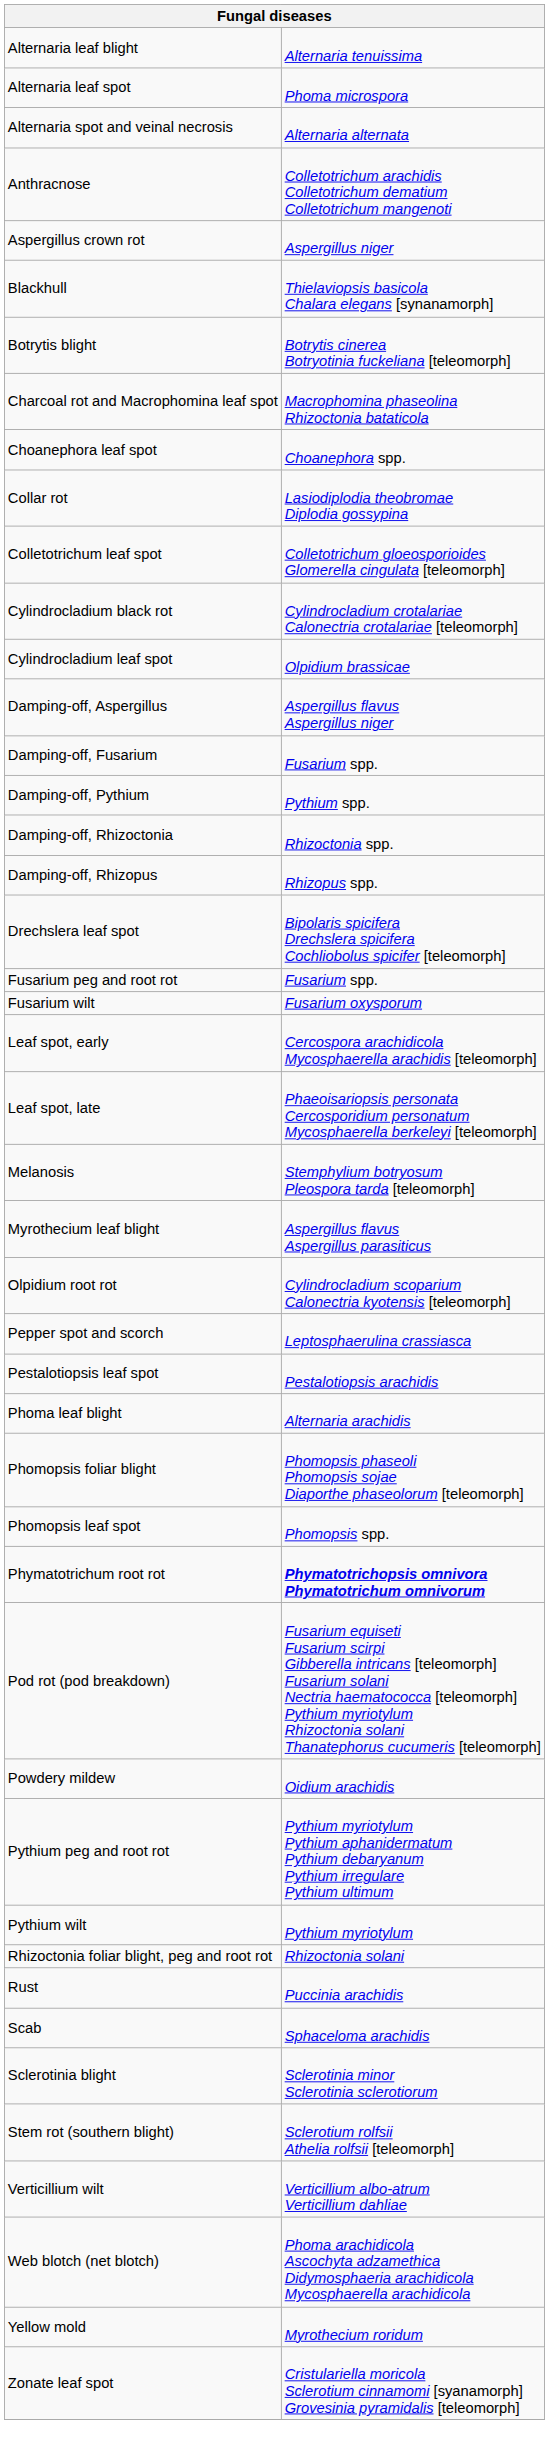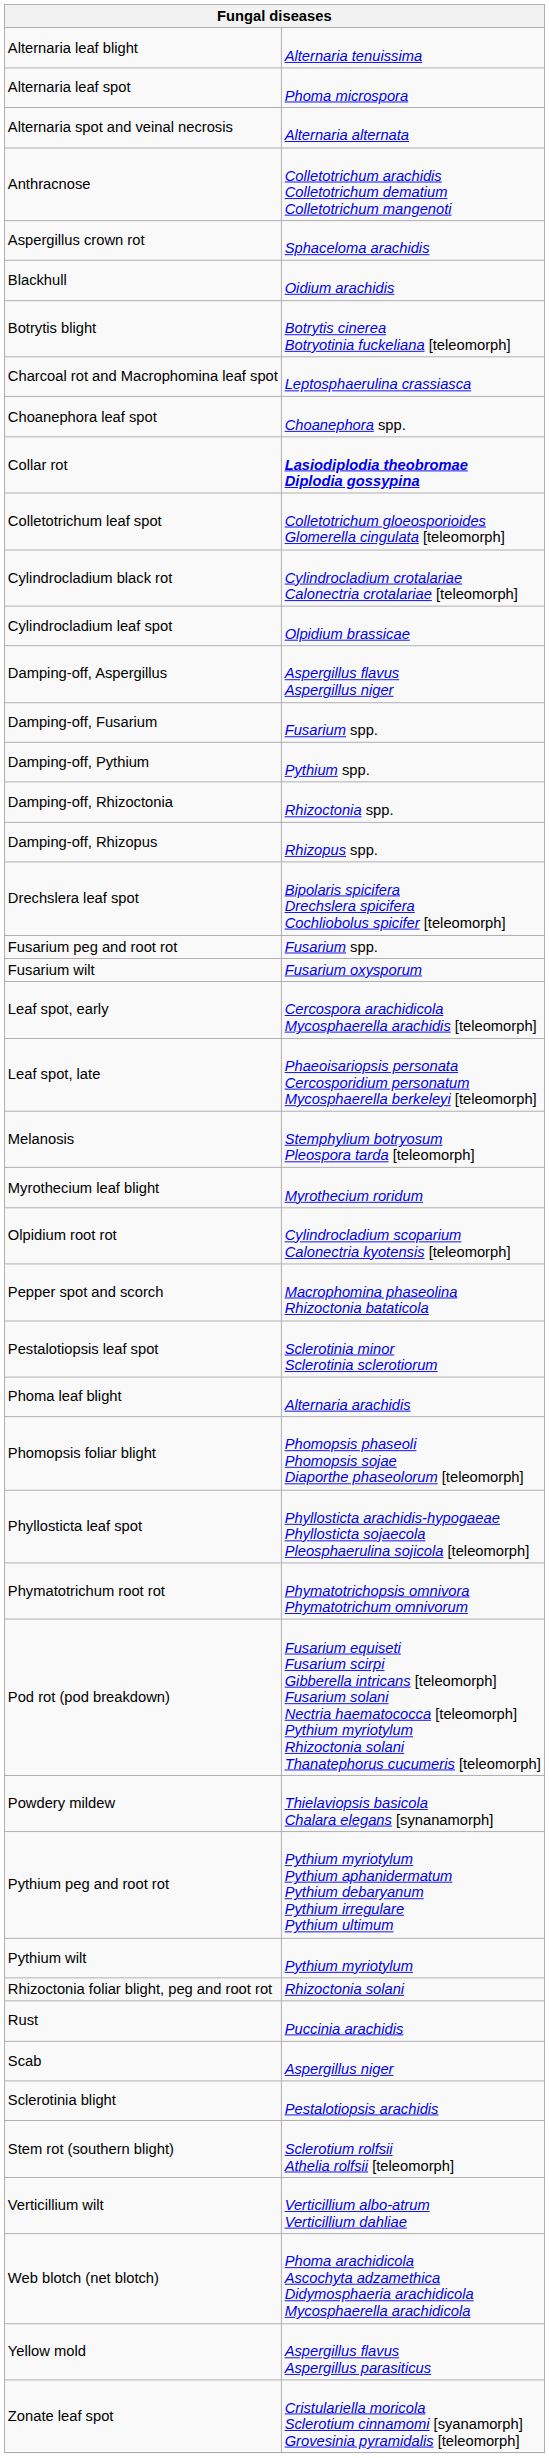 <table class="wikitable" style="clear">
 <tr>
 <th colspan=2><strong>Fungal diseases</strong><br></th>
 </tr>
 <tr>
 <td>Alternaria leaf blight</td>
 <td><br><em><a href='#'>Alternaria tenuissima</a></em></td>
 </tr>
 <tr>
 <td>Alternaria leaf spot</td>
 <td><br><em><a href='#'>Phoma microspora</a></em></td>
 </tr>
 <tr>
 <td>Alternaria spot and veinal necrosis</td>
 <td><br><em><a href='#'>Alternaria alternata</a></em></td>
 </tr>
 <tr>
 <td>Anthracnose</td>
 <td><br><em><a href='#'>Colletotrichum arachidis</a></em><br> <em><a href='#'>Colletotrichum dematium</a></em><br> <em><a href='#'>Colletotrichum mangenoti</a></em></td>
 </tr>
 <tr>
 <td>Aspergillus crown rot</td>
-<td><br><em><a href='#'>Aspergillus niger</a></em></td>
+<td><br><em><a href='#'>Sphaceloma arachidis</a></em></td>
 </tr>
 <tr>
 <td>Blackhull</td>
-<td><br><em><a href='#'>Thielaviopsis basicola</a></em><br> <em><a href='#'>Chalara elegans</a></em> [synanamorph]</td>
+<td><br><em><a href='#'>Oidium arachidis</a></em></td>
 </tr>
 <tr>
 <td>Botrytis blight</td>
 <td><br><em><a href='#'>Botrytis cinerea</a></em><br> <em><a href='#'>Botryotinia fuckeliana</a></em> [teleomorph]</td>
 </tr>
 <tr>
 <td>Charcoal rot and Macrophomina leaf spot</td>
-<td><br><em><a href='#'>Macrophomina phaseolina</a></em> <br>  <em><a href='#'>Rhizoctonia bataticola</a></em></td>
+<td><br><em><a href='#'>Leptosphaerulina crassiasca</a></em></td>
 </tr>
 <tr>
 <td>Choanephora leaf spot</td>
 <td><br><em><a href='#'>Choanephora</a></em> spp.</td>
 </tr>
 <tr>
 <td>Collar rot</td>
-<td><br><em><a href='#'>Lasiodiplodia theobromae</a></em> <br>  <em><a href='#'>Diplodia gossypina</a></em></td>
+<td><strong><br><em><a href='#'>Lasiodiplodia theobromae</a></em> <br>  <em><a href='#'>Diplodia gossypina</a></em></strong></td>
 </tr>
 <tr>
 <td>Colletotrichum leaf spot</td>
 <td><br><em><a href='#'>Colletotrichum gloeosporioides</a></em><br> <em><a href='#'>Glomerella cingulata</a></em> [teleomorph]</td>
 </tr>
 <tr>
 <td>Cylindrocladium black rot</td>
 <td><br><em><a href='#'>Cylindrocladium crotalariae</a></em><br> <em><a href='#'>Calonectria crotalariae</a></em> [teleomorph]</td>
 </tr>
 <tr>
 <td>Cylindrocladium leaf spot</td>
 <td><br><em><a href='#'>Olpidium brassicae</a></em></td>
 </tr>
 <tr>
 <td>Damping-off, Aspergillus</td>
 <td><br><em><a href='#'>Aspergillus flavus</a></em> <br> <em><a href='#'>Aspergillus niger</a></em></td>
 </tr>
 <tr>
 <td>Damping-off, Fusarium</td>
 <td><br><em><a href='#'>Fusarium</a></em> spp.</td>
 </tr>
 <tr>
 <td>Damping-off, Pythium</td>
 <td><br><em><a href='#'>Pythium</a></em> spp.</td>
 </tr>
 <tr>
 <td>Damping-off, Rhizoctonia</td>
 <td><br><em><a href='#'>Rhizoctonia</a></em> spp.</td>
 </tr>
 <tr>
 <td>Damping-off, Rhizopus</td>
 <td><br><em><a href='#'>Rhizopus</a></em> spp.</td>
 </tr>
 <tr>
 <td>Drechslera leaf spot</td>
 <td><br><em><a href='#'>Bipolaris spicifera</a></em> <br>  <em><a href='#'>Drechslera spicifera</a></em><br> <em><a href='#'>Cochliobolus spicifer</a></em> [teleomorph]</td>
 </tr>
 <tr>
 <td>Fusarium peg and root rot</td>
 <td><em><a href='#'>Fusarium</a></em> spp.</td>
 </tr>
 <tr>
 <td>Fusarium wilt</td>
 <td><em><a href='#'>Fusarium oxysporum</a></em></td>
 </tr>
 <tr>
 <td>Leaf spot, early</td>
 <td><br><em><a href='#'>Cercospora arachidicola</a></em><br> <em><a href='#'>Mycosphaerella arachidis</a></em> [teleomorph]</td>
 </tr>
 <tr>
 <td>Leaf spot, late</td>
 <td><br><em><a href='#'>Phaeoisariopsis personata</a></em> <br>  <em><a href='#'>Cercosporidium personatum</a></em><br> <em><a href='#'>Mycosphaerella berkeleyi</a></em> [teleomorph]</td>
 </tr>
 <tr>
 <td>Melanosis</td>
 <td><br><em><a href='#'>Stemphylium botryosum</a></em><br> <em><a href='#'>Pleospora tarda</a></em> [teleomorph]</td>
 </tr>
 <tr>
 <td>Myrothecium leaf blight</td>
-<td><br><em><a href='#'>Aspergillus flavus</a></em><br> <em><a href='#'>Aspergillus parasiticus</a></em></td>
+<td><br><em><a href='#'>Myrothecium roridum</a></em></td>
 </tr>
 <tr>
 <td>Olpidium root rot</td>
 <td><br><em><a href='#'>Cylindrocladium scoparium</a></em> <br> <em><a href='#'>Calonectria kyotensis</a></em> [teleomorph]</td>
 </tr>
 <tr>
 <td>Pepper spot and scorch</td>
-<td><br><em><a href='#'>Leptosphaerulina crassiasca</a></em></td>
+<td><br><em><a href='#'>Macrophomina phaseolina</a></em> <br>  <em><a href='#'>Rhizoctonia bataticola</a></em></td>
 </tr>
 <tr>
 <td>Pestalotiopsis leaf spot</td>
-<td><br><em><a href='#'>Pestalotiopsis arachidis</a></em></td>
+<td><br><em><a href='#'>Sclerotinia minor</a></em><br> <em><a href='#'>Sclerotinia sclerotiorum</a></em></td>
 </tr>
 <tr>
 <td>Phoma leaf blight</td>
 <td><br><em><a href='#'>Alternaria arachidis</a></em></td>
 </tr>
 <tr>
 <td>Phomopsis foliar blight</td>
 <td><br><em><a href='#'>Phomopsis phaseoli</a></em> <br>  <em><a href='#'>Phomopsis sojae</a></em><br> <em><a href='#'>Diaporthe phaseolorum</a></em> [teleomorph]</td>
 </tr>
 <tr>
-<td>Phomopsis leaf spot</td>
-<td><br><em><a href='#'>Phomopsis</a></em> spp.</td>
+<td>Phyllosticta leaf spot</td>
+<td><br><em><a href='#'>Phyllosticta arachidis-hypogaeae</a></em><br> <em><a href='#'>Phyllosticta sojaecola</a></em><br> <em><a href='#'>Pleosphaerulina sojicola</a></em> [teleomorph]</td>
 </tr>
 <tr>
 <td>Phymatotrichum root rot</td>
-<td><strong><br><em><a href='#'>Phymatotrichopsis omnivora</a></em> <br>  <em><a href='#'>Phymatotrichum omnivorum</a></em></strong></td>
+<td><br><em><a href='#'>Phymatotrichopsis omnivora</a></em> <br>  <em><a href='#'>Phymatotrichum omnivorum</a></em></td>
 </tr>
 <tr>
 <td>Pod rot (pod breakdown)</td>
 <td><br><em><a href='#'>Fusarium equiseti</a></em> <br>  <em><a href='#'>Fusarium scirpi</a></em><br> <em><a href='#'>Gibberella intricans</a></em> [teleomorph]<br> <em><a href='#'>Fusarium solani</a></em><br> <em><a href='#'>Nectria haematococca</a></em> [teleomorph]<br> <em><a href='#'>Pythium myriotylum</a></em><br> <em><a href='#'>Rhizoctonia solani</a></em><br> <em><a href='#'>Thanatephorus cucumeris</a></em> [teleomorph]</td>
 </tr>
 <tr>
 <td>Powdery mildew</td>
-<td><br><em><a href='#'>Oidium arachidis</a></em></td>
+<td><br><em><a href='#'>Thielaviopsis basicola</a></em><br> <em><a href='#'>Chalara elegans</a></em> [synanamorph]</td>
 </tr>
 <tr>
 <td>Pythium peg and root rot</td>
 <td><br><em><a href='#'>Pythium myriotylum</a></em><br> <em><a href='#'>Pythium aphanidermatum</a></em><br> <em><a href='#'>Pythium debaryanum</a></em><br> <em><a href='#'>Pythium irregulare</a></em><br> <em><a href='#'>Pythium ultimum</a></em></td>
 </tr>
 <tr>
 <td>Pythium wilt</td>
 <td><br><em><a href='#'>Pythium myriotylum</a></em></td>
 </tr>
 <tr>
 <td>Rhizoctonia foliar blight, peg and root rot</td>
 <td><em><a href='#'>Rhizoctonia solani</a></em></td>
 </tr>
 <tr>
 <td>Rust</td>
 <td><br><em><a href='#'>Puccinia arachidis</a></em></td>
 </tr>
 <tr>
 <td>Scab</td>
-<td><br><em><a href='#'>Sphaceloma arachidis</a></em></td>
+<td><br><em><a href='#'>Aspergillus niger</a></em></td>
 </tr>
 <tr>
 <td>Sclerotinia blight</td>
-<td><br><em><a href='#'>Sclerotinia minor</a></em><br> <em><a href='#'>Sclerotinia sclerotiorum</a></em></td>
+<td><br><em><a href='#'>Pestalotiopsis arachidis</a></em></td>
 </tr>
 <tr>
 <td>Stem rot (southern blight)</td>
 <td><br><em><a href='#'>Sclerotium rolfsii</a></em><br> <em><a href='#'>Athelia rolfsii</a></em> [teleomorph]</td>
 </tr>
 <tr>
 <td>Verticillium wilt</td>
 <td><br><em><a href='#'>Verticillium albo-atrum</a></em><br> <em><a href='#'>Verticillium dahliae</a></em></td>
 </tr>
 <tr>
 <td>Web blotch (net blotch)</td>
 <td><br><em><a href='#'>Phoma arachidicola</a></em> <br>  <em><a href='#'>Ascochyta adzamethica</a></em><br> <em><a href='#'>Didymosphaeria arachidicola</a></em> <br>  <em><a href='#'>Mycosphaerella arachidicola</a></em></td>
 </tr>
 <tr>
 <td>Yellow mold</td>
-<td><br><em><a href='#'>Myrothecium roridum</a></em></td>
+<td><br><em><a href='#'>Aspergillus flavus</a></em><br> <em><a href='#'>Aspergillus parasiticus</a></em></td>
 </tr>
 <tr>
 <td>Zonate leaf spot</td>
 <td><br><em><a href='#'>Cristulariella moricola</a></em><br> <em><a href='#'>Sclerotium cinnamomi</a></em> [syanamorph]<br> <em><a href='#'>Grovesinia pyramidalis</a></em> [teleomorph]</td>
 </tr>
 <tr>
 </tr>
 </table>
